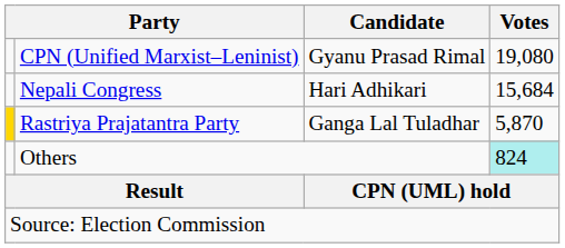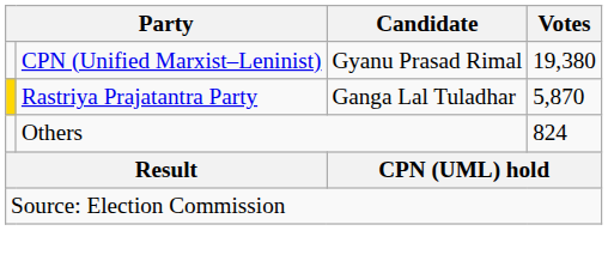 <table class="wikitable">
 <tr>
 <th colspan="2">Party</th>
 <th>Candidate</th>
 <th>Votes</th>
 </tr>
 <tr>
 <td style="background-color:"></td>
 <td><a href='#'>CPN (Unified Marxist–Leninist)</a></td>
 <td>Gyanu Prasad Rimal</td>
-<td>19,080</td>
-</tr>
-<tr>
-<td style="background-color:"></td>
-<td><a href='#'>Nepali Congress</a></td>
-<td>Hari Adhikari</td>
-<td>15,684</td>
+<td>19,380</td>
 </tr>
 <tr>
 <td style="background-color:gold"></td>
 <td><a href='#'>Rastriya Prajatantra Party</a></td>
 <td>Ganga Lal Tuladhar</td>
 <td>5,870</td>
 </tr>
 <tr>
 <td></td>
 <td colspan="2">Others</td>
-<td style="background: paleturquoise;">824</td>
+<td>824</td>
 </tr>
 <tr>
 <th colspan="2">Result</th>
 <th colspan="2">CPN (UML) hold</th>
 </tr>
 <tr>
 <td colspan="4">Source: Election Commission</td>
 </tr>
 </table>
